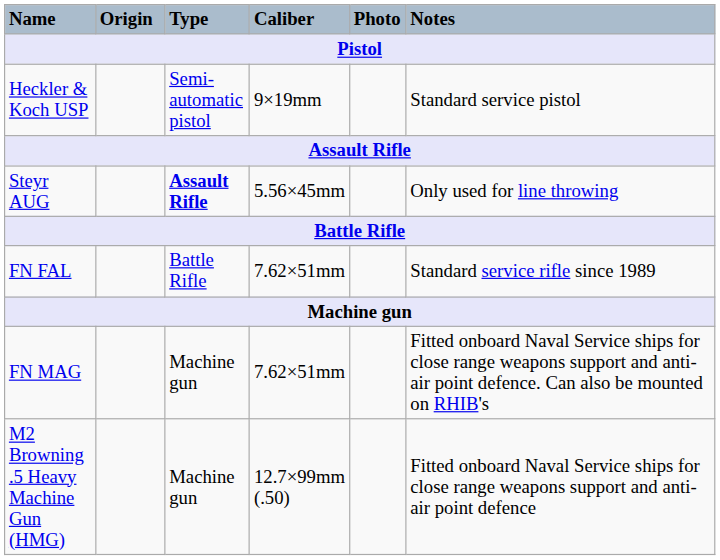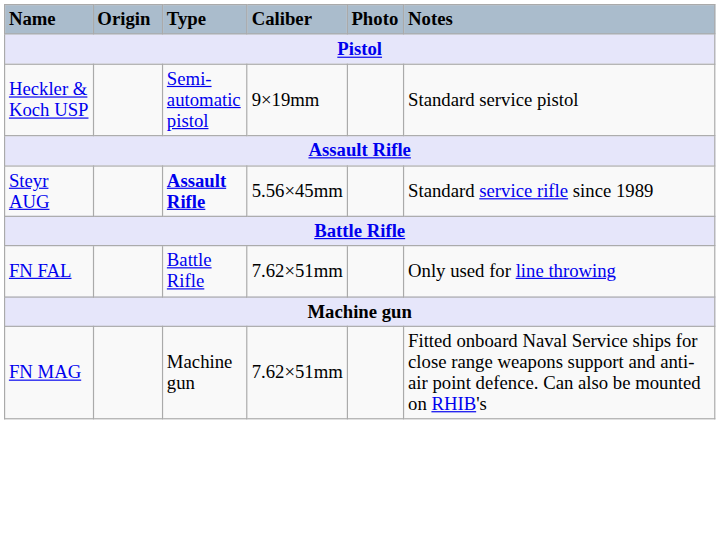 <table class="wikitable">
 <tr>
 <th style="text-align: left; background: #aabccc; width:13%;">Name</th>
 <th style="text-align: left; background: #aabccc; width:10%;">Origin</th>
 <th style="text-align: left; background: #aabccc; width:12%;">Type</th>
 <th style="text-align: left; background: #aabccc; width:7%;">Caliber</th>
 <th style="text-align: left; background: #aabccc;width:8%; ">Photo</th>
 <th style="text-align: left; background: #aabccc;width:50%;">Notes</th>
 </tr>
 <tr>
 <th style="align: center; background: lavender;" colspan="6"><a href='#'>Pistol</a></th>
 </tr>
 <tr>
 <td><a href='#'>Heckler & Koch USP</a></td>
 <td></td>
 <td><a href='#'>Semi-automatic pistol</a></td>
 <td>9×19mm</td>
 <td></td>
 <td>Standard service pistol</td>
 </tr>
 <tr>
 <th style="align: center; background: lavender;" colspan="6"><a href='#'>Assault Rifle</a></th>
 </tr>
 <tr>
 <td><a href='#'>Steyr AUG</a></td>
 <td></td>
 <td><strong><a href='#'>Assault Rifle</a></strong></td>
 <td>5.56×45mm</td>
 <td></td>
-<td>Only used for <a href='#'>line throwing</a></td>
+<td>Standard <a href='#'>service rifle</a> since 1989</td>
 </tr>
 <tr>
 <th style="align: center; background: lavender;" colspan="6"><a href='#'>Battle Rifle</a></th>
 </tr>
 <tr>
 <td><a href='#'>FN FAL</a></td>
 <td></td>
 <td><a href='#'>Battle Rifle</a></td>
 <td>7.62×51mm</td>
 <td></td>
-<td>Standard <a href='#'>service rifle</a> since 1989</td>
+<td>Only used for <a href='#'>line throwing</a></td>
 </tr>
 <tr>
 <th style="align: center; background: lavender;" colspan="6">Machine gun</th>
 </tr>
 <tr>
 <td><a href='#'>FN MAG</a></td>
 <td></td>
 <td>Machine gun</td>
 <td>7.62×51mm</td>
 <td></td>
 <td>Fitted onboard Naval Service ships for close range weapons support and anti-air point defence. Can also be mounted on <a href='#'>RHIB</a>'s</td>
 </tr>
-<tr>
-<td><a href='#'>M2 Browning .5 Heavy Machine Gun (HMG)</a></td>
-<td></td>
-<td>Machine gun</td>
-<td>12.7×99mm (.50)</td>
-<td></td>
-<td>Fitted onboard Naval Service ships for close range weapons support and anti-air point defence</td>
-</tr>
 </table>
